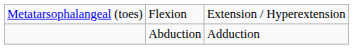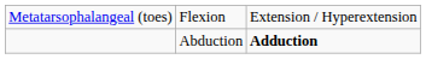 <table class="wikitable">
 <tr>
 <td><a href='#'>Metatarsophalangeal</a> (toes)</td>
 <td>Flexion</td>
 <td>Extension / Hyperextension</td>
 </tr>
 <tr>
 <td></td>
 <td>Abduction</td>
-<td>Adduction</td>
+<td><strong>Adduction</strong></td>
 </tr>
 </table>
